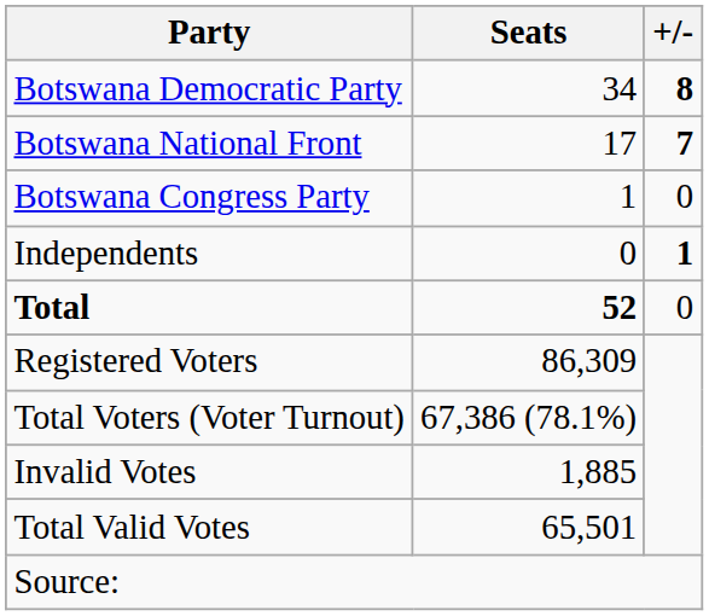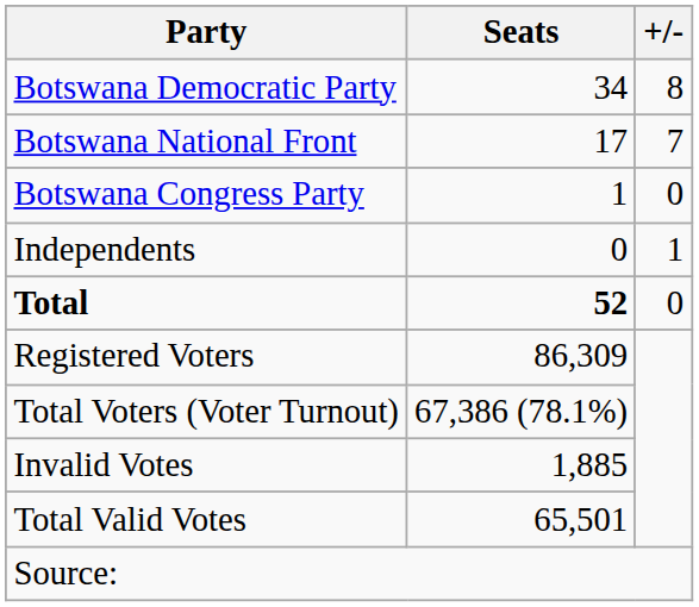 <table class=wikitable style=text-align:right>
 <tr>
 <th>Party</th>
 <th>Seats</th>
 <th>+/-</th>
 </tr>
 <tr>
 <td align=left><a href='#'>Botswana Democratic Party</a></td>
 <td>34</td>
-<td><strong>8</strong></td>
+<td>8</td>
 </tr>
 <tr>
 <td align=left><a href='#'>Botswana National Front</a></td>
 <td>17</td>
-<td><strong>7</strong></td>
+<td>7</td>
 </tr>
 <tr>
 <td align=left><a href='#'>Botswana Congress Party</a></td>
 <td>1</td>
 <td>0</td>
 </tr>
 <tr>
 <td align=left>Independents</td>
 <td>0</td>
-<td><strong>1</strong></td>
+<td>1</td>
 </tr>
 <tr>
 <td align=left><strong>Total</strong></td>
 <td><strong>52</strong></td>
 <td>0</td>
 </tr>
 <tr>
 <td align=left>Registered Voters</td>
 <td>86,309</td>
 </tr>
 <tr>
 <td align=left>Total Voters (Voter Turnout)</td>
 <td>67,386 (78.1%)</td>
 </tr>
 <tr>
 <td align=left>Invalid Votes</td>
 <td>1,885</td>
 </tr>
 <tr>
 <td align=left>Total Valid Votes</td>
 <td>65,501</td>
 </tr>
 <tr>
 <td colspan=4 align=left>Source: </td>
 </tr>
 </table>
